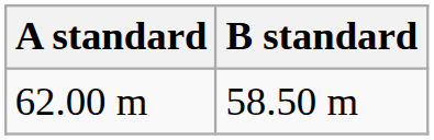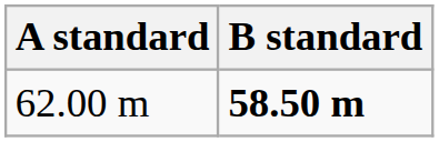 <table class="wikitable" border="1" align="upright">
 <tr>
 <th>A standard</th>
 <th>B standard</th>
 </tr>
 <tr>
 <td>62.00 m</td>
-<td>58.50 m</td>
+<td><strong>58.50 m</strong></td>
 </tr>
 </table>
